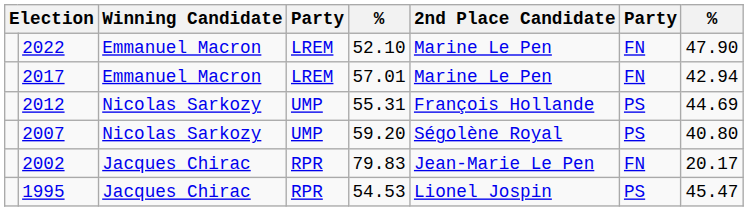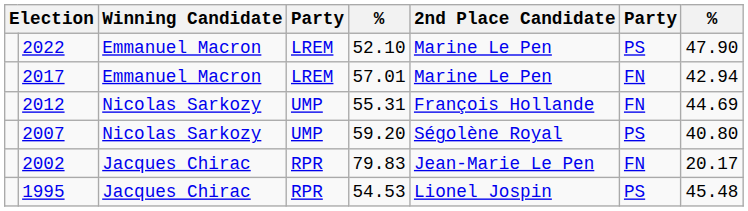 <table class="wikitable">
 <tr>
 <th colspan="2">Election</th>
 <th>Winning Candidate</th>
 <th>Party</th>
 <th>%</th>
 <th>2nd Place Candidate</th>
 <th>Party</th>
 <th>%</th>
 </tr>
 <tr>
 <td style="background-color: "></td>
 <td><a href='#'>2022</a></td>
 <td><a href='#'>Emmanuel Macron</a></td>
 <td><a href='#'>LREM</a></td>
 <td>52.10</td>
 <td><a href='#'>Marine Le Pen</a></td>
-<td><a href='#'>FN</a></td>
+<td><a href='#'>PS</a></td>
 <td>47.90</td>
 </tr>
 <tr>
 <td style="background-color: "></td>
 <td><a href='#'>2017</a></td>
 <td><a href='#'>Emmanuel Macron</a></td>
 <td><a href='#'>LREM</a></td>
 <td>57.01</td>
 <td><a href='#'>Marine Le Pen</a></td>
 <td><a href='#'>FN</a></td>
 <td>42.94</td>
 </tr>
 <tr>
 <td style="background-color: "></td>
 <td><a href='#'>2012</a></td>
 <td><a href='#'>Nicolas Sarkozy</a></td>
 <td><a href='#'>UMP</a></td>
 <td>55.31</td>
 <td><a href='#'>François Hollande</a></td>
-<td><a href='#'>PS</a></td>
+<td><a href='#'>FN</a></td>
 <td>44.69</td>
 </tr>
 <tr>
 <td style="background-color: "></td>
 <td><a href='#'>2007</a></td>
 <td><a href='#'>Nicolas Sarkozy</a></td>
 <td><a href='#'>UMP</a></td>
 <td>59.20</td>
 <td><a href='#'>Ségolène Royal</a></td>
 <td><a href='#'>PS</a></td>
 <td>40.80</td>
 </tr>
 <tr>
 <td style="background-color: "></td>
 <td><a href='#'>2002</a></td>
 <td><a href='#'>Jacques Chirac</a></td>
 <td><a href='#'>RPR</a></td>
 <td>79.83</td>
 <td><a href='#'>Jean-Marie Le Pen</a></td>
 <td><a href='#'>FN</a></td>
 <td>20.17</td>
 </tr>
 <tr>
 <td style="background-color: "></td>
 <td><a href='#'>1995</a></td>
 <td><a href='#'>Jacques Chirac</a></td>
 <td><a href='#'>RPR</a></td>
 <td>54.53</td>
 <td><a href='#'>Lionel Jospin</a></td>
 <td><a href='#'>PS</a></td>
-<td>45.47</td>
+<td>45.48</td>
 </tr>
 </table>
